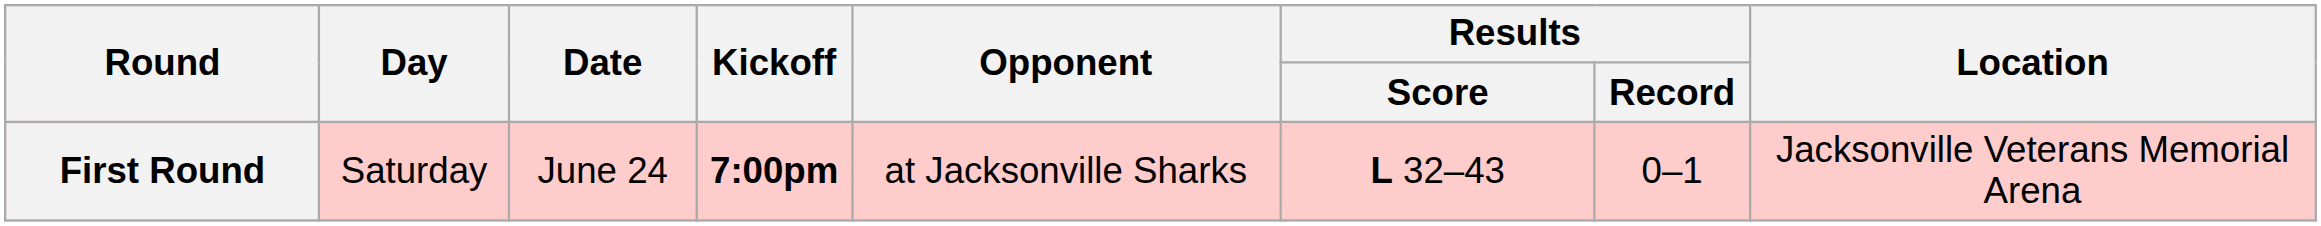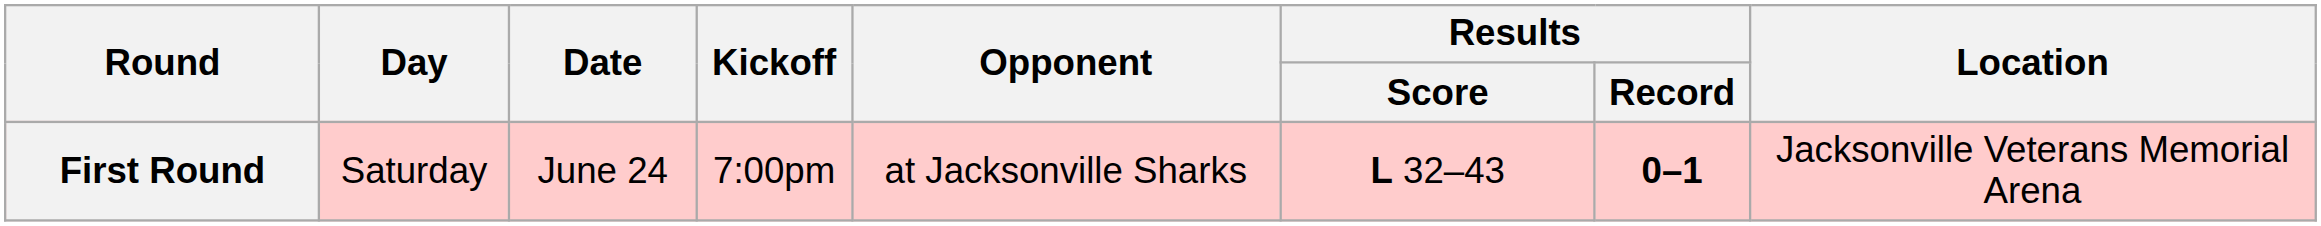 <table class="wikitable">
 <tr>
 <th rowspan="2" width="130">Round</th>
 <th rowspan="2" width="75">Day</th>
 <th rowspan="2" width="75">Date</th>
 <th rowspan="2" width="60">Kickoff</th>
 <th rowspan="2" width="180">Opponent</th>
 <th colspan="2" width="180">Results</th>
 <th rowspan="2" width="240">Location</th>
 </tr>
 <tr>
 <th width="130">Score</th>
 <th width="60">Record</th>
 </tr>
 <tr align="center" bgcolor=#FFCCCC>
 <th>First Round</th>
 <td>Saturday</td>
 <td>June 24</td>
-<td><strong>7:00pm</strong></td>
+<td>7:00pm</td>
 <td>at Jacksonville Sharks</td>
 <td><strong>L</strong> 32–43</td>
-<td>0–1</td>
+<td><strong>0–1</strong></td>
 <td>Jacksonville Veterans Memorial Arena</td>
 </tr>
 </table>
